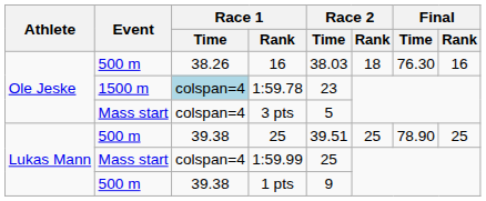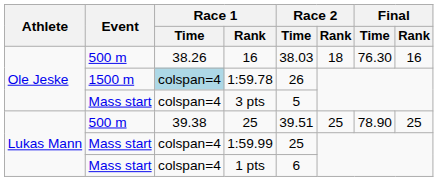 <table class="wikitable" style="font-size:90%">
 <tr>
 <th rowspan=2>Athlete</th>
 <th rowspan=2>Event</th>
 <th colspan=2>Race 1</th>
 <th colspan=2>Race 2</th>
 <th colspan=2>Final</th>
 </tr>
 <tr style="font-size:95%">
 <th>Time</th>
 <th>Rank</th>
 <th>Time</th>
 <th>Rank</th>
 <th>Time</th>
 <th>Rank</th>
 </tr>
 <tr align=center>
 <td align=left rowspan=3><a href='#'>Ole Jeske</a></td>
 <td align=left><a href='#'>500 m</a></td>
 <td>38.26</td>
 <td>16</td>
 <td>38.03</td>
 <td>18</td>
 <td>76.30</td>
 <td>16</td>
 </tr>
 <tr align=center>
 <td align=left><a href='#'>1500 m</a></td>
 <td style="background: lightblue;">colspan=4 </td>
 <td>1:59.78</td>
-<td>23</td>
+<td>26</td>
 </tr>
 <tr align=center>
 <td align=left><a href='#'>Mass start</a></td>
 <td>colspan=4 </td>
 <td>3 pts</td>
 <td>5</td>
 </tr>
 <tr align=center>
 <td align=left rowspan=3><a href='#'>Lukas Mann</a></td>
 <td align=left><a href='#'>500 m</a></td>
 <td>39.38</td>
 <td>25</td>
 <td>39.51</td>
 <td>25</td>
 <td>78.90</td>
 <td>25</td>
 </tr>
 <tr align=center>
 <td align=left><a href='#'>Mass start</a></td>
 <td>colspan=4 </td>
 <td>1:59.99</td>
 <td>25</td>
 </tr>
 <tr align=center>
-<td align=left><a href='#'>500 m</a></td>
-<td>39.38</td>
+<td align=left><a href='#'>Mass start</a></td>
+<td>colspan=4 </td>
 <td>1 pts</td>
-<td>9</td>
+<td>6</td>
 </tr>
 </table>
